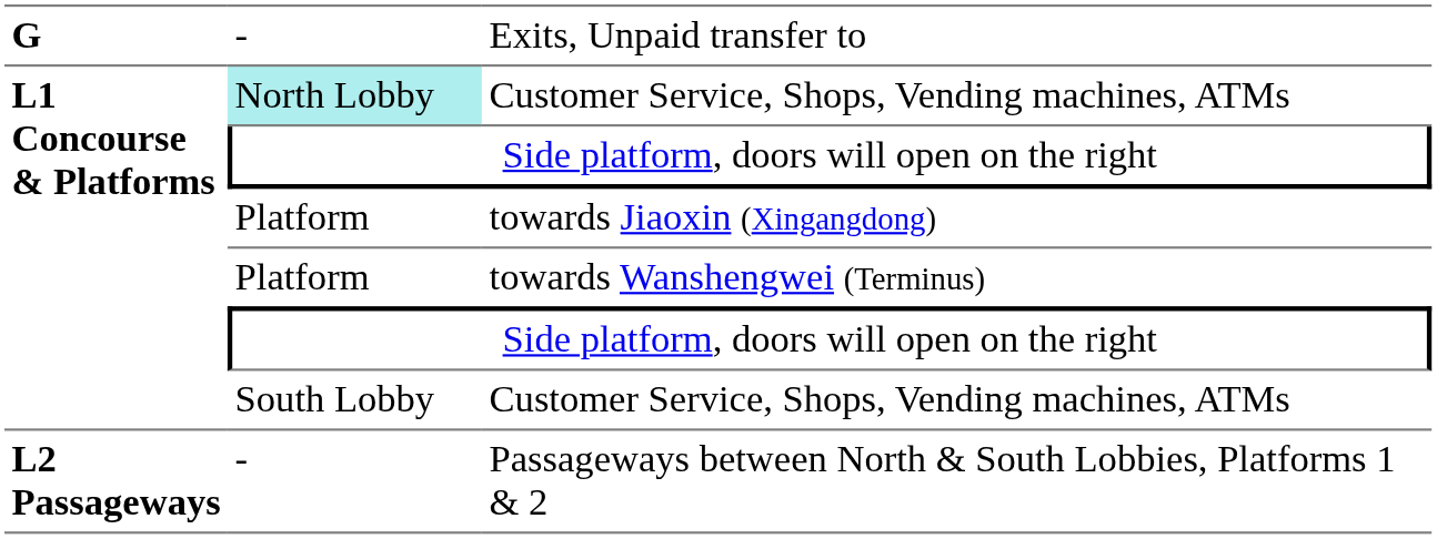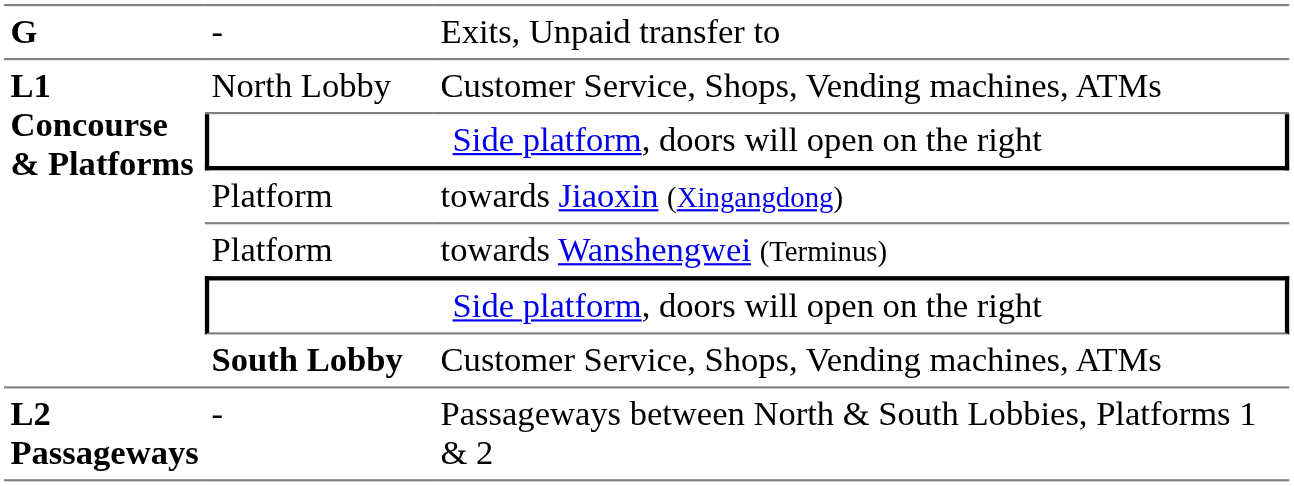 <table table border=0 cellspacing=0 cellpadding=3>
 <tr>
 <td style="border-top:solid 1px gray;" width=50 valign=top><strong>G</strong></td>
 <td style="border-top:solid 1px gray;" width=100 valign=top>-</td>
 <td style="border-top:solid 1px gray;" width=390 valign=top>Exits, Unpaid transfer to </td>
 </tr>
 <tr>
 <td style="border-bottom:solid 1px gray; border-top:solid 1px gray;" valign=top width=50 rowspan=6><strong>L1<br>Concourse & Platforms</strong></td>
-<td style="background: paleturquoise; border-bottom:solid 1px gray; border-top:solid 1px gray;" valign=top width=100>North Lobby</td>
+<td style="border-bottom:solid 1px gray; border-top:solid 1px gray;" valign=top width=100>North Lobby</td>
 <td style="border-bottom:solid 1px gray; border-top:solid 1px gray;" valign=top width=390>Customer Service, Shops, Vending machines, ATMs</td>
 </tr>
 <tr>
 <td style="border-right:solid 2px black;border-left:solid 2px black;border-bottom:solid 2px black;text-align:center;" colspan=2><a href='#'>Side platform</a>, doors will open on the right</td>
 </tr>
 <tr>
 <td style="border-bottom:solid 1px gray;" width=100>Platform </td>
 <td style="border-bottom:solid 1px gray;" width=390>  towards <a href='#'>Jiaoxin</a> <small>(<a href='#'>Xingangdong</a>)</small></td>
 </tr>
 <tr>
 <td>Platform </td>
 <td> towards <a href='#'>Wanshengwei</a> <small>(Terminus)</small> </td>
 </tr>
 <tr>
 <td style="border-top:solid 2px black;border-right:solid 2px black;border-left:solid 2px black;border-bottom:solid 1px gray;text-align:center;" colspan=2><a href='#'>Side platform</a>, doors will open on the right</td>
 </tr>
 <tr>
-<td style="border-bottom:solid 1px gray;" valign=top width=100>South Lobby</td>
+<td style="border-bottom:solid 1px gray;" valign=top width=100><strong>South Lobby</strong></td>
 <td style="border-bottom:solid 1px gray;" valign=top width=390>Customer Service, Shops, Vending machines, ATMs</td>
 </tr>
 <tr>
 <td style="border-bottom:solid 1px gray;" width=50 valign=top><strong>L2<br>Passageways</strong></td>
 <td style="border-bottom:solid 1px gray;" width=100 valign=top>-</td>
 <td style="border-bottom:solid 1px gray;" width=390 valign=top>Passageways between North & South Lobbies, Platforms 1 & 2</td>
 </tr>
 </table>
